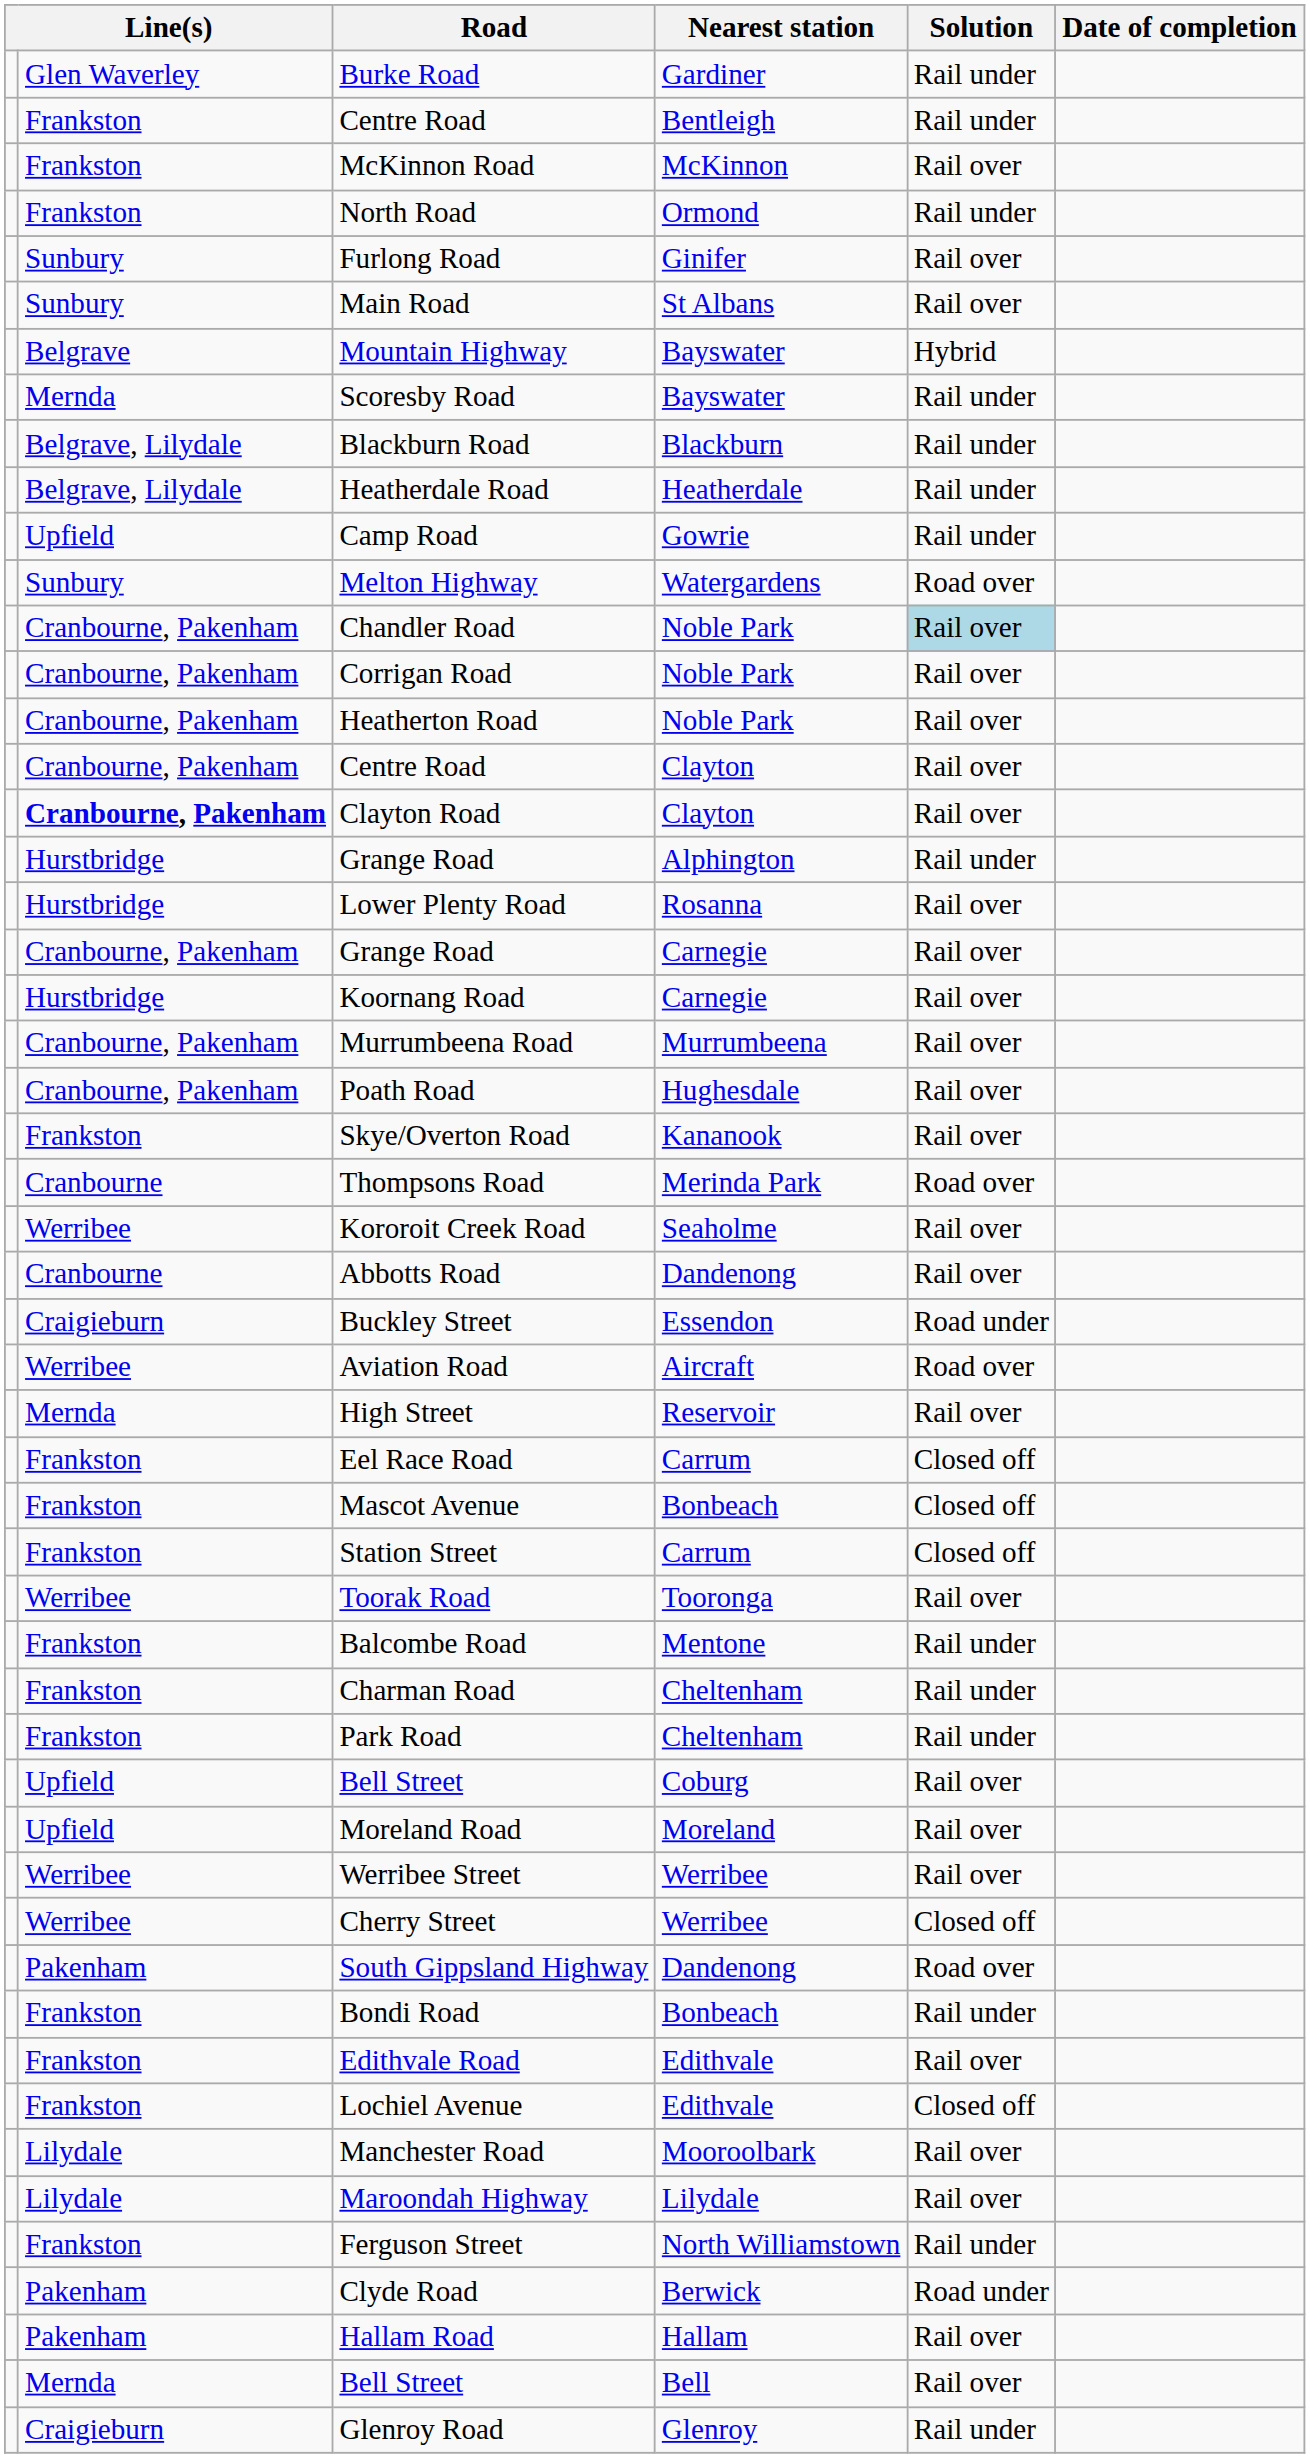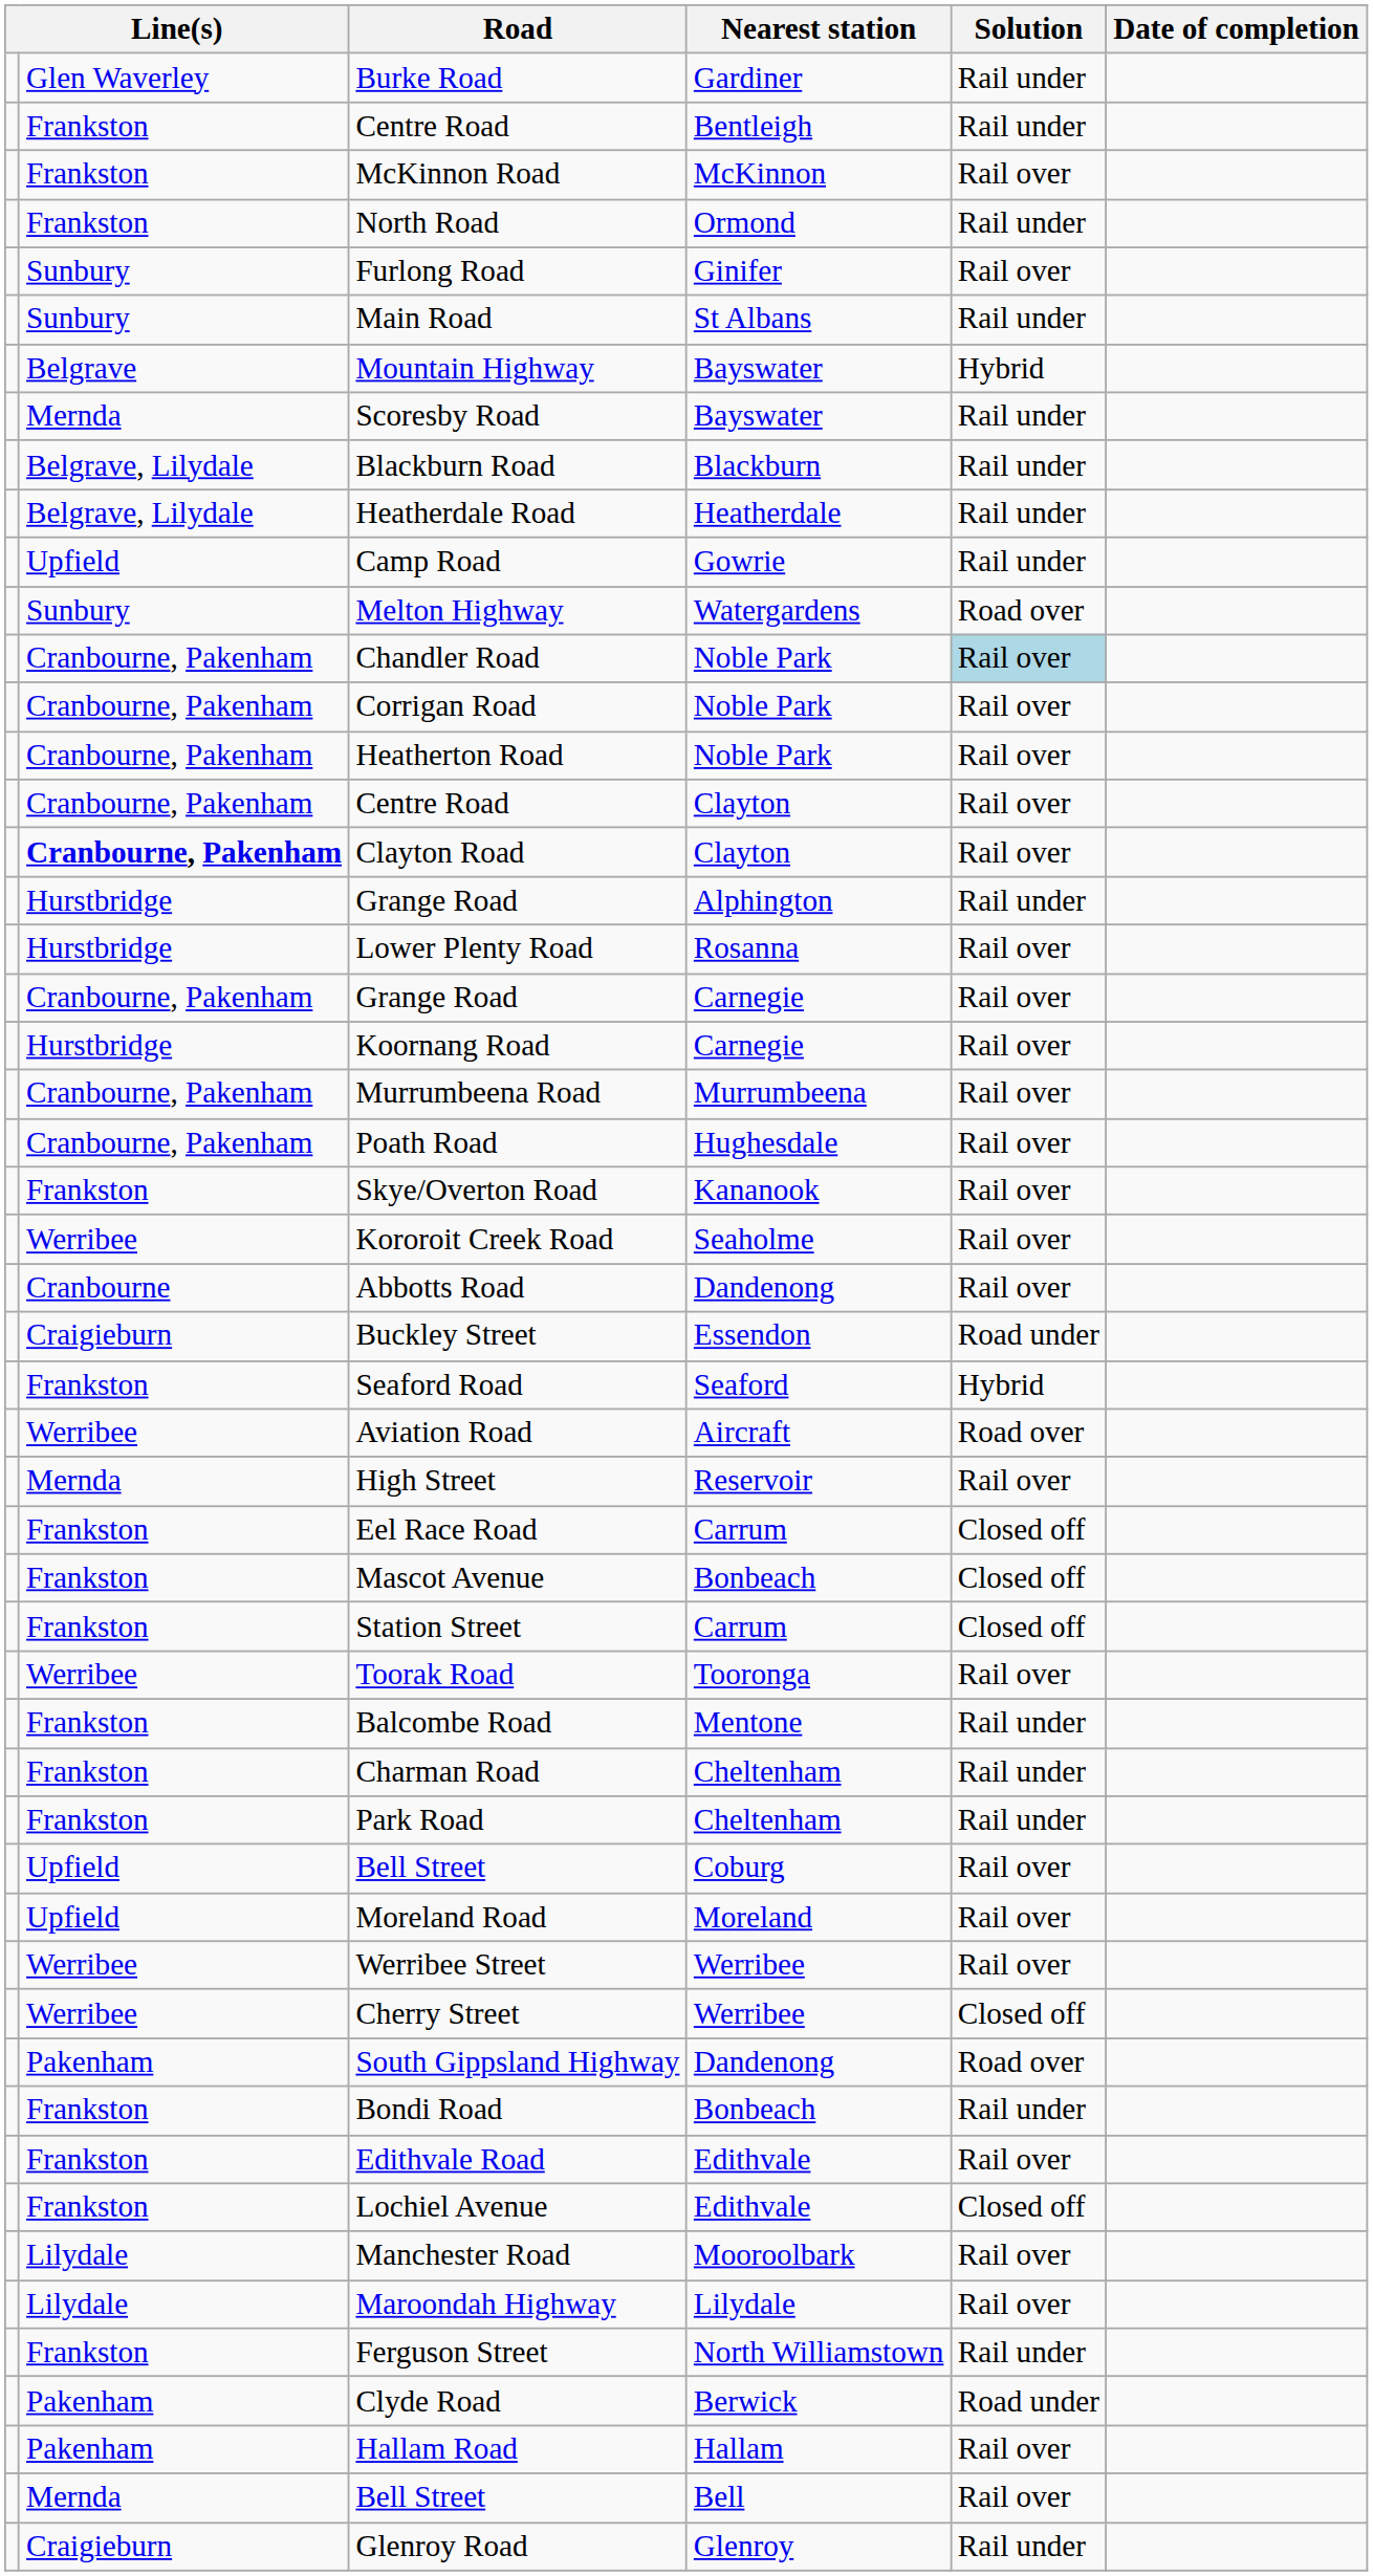 <table class="wikitable sortable">
 <tr>
 <th colspan="2">Line(s)</th>
 <th>Road</th>
 <th>Nearest station</th>
 <th>Solution</th>
 <th>Date of completion</th>
 </tr>
 <tr>
 <td style="background-color:#"></td>
 <td><a href='#'>Glen Waverley</a></td>
 <td><a href='#'>Burke Road</a></td>
 <td><a href='#'>Gardiner</a></td>
 <td>Rail under</td>
 <td></td>
 </tr>
 <tr>
 <td style="background-color:#"></td>
 <td><a href='#'>Frankston</a></td>
 <td>Centre Road</td>
 <td><a href='#'>Bentleigh</a></td>
 <td>Rail under</td>
 <td></td>
 </tr>
 <tr>
 <td style="background-color:#"></td>
 <td><a href='#'>Frankston</a></td>
 <td>McKinnon Road</td>
 <td><a href='#'>McKinnon</a></td>
 <td>Rail over</td>
 <td></td>
 </tr>
 <tr>
 <td style="background-color:#"></td>
 <td><a href='#'>Frankston</a></td>
 <td>North Road</td>
 <td><a href='#'>Ormond</a></td>
 <td>Rail under</td>
 <td></td>
 </tr>
 <tr>
 <td style="background-color:#"></td>
 <td><a href='#'>Sunbury</a></td>
 <td>Furlong Road</td>
 <td><a href='#'>Ginifer</a></td>
 <td>Rail over</td>
 <td></td>
 </tr>
 <tr>
 <td style="background-color:#"></td>
 <td><a href='#'>Sunbury</a></td>
 <td>Main Road</td>
 <td><a href='#'>St Albans</a></td>
-<td>Rail over</td>
+<td>Rail under</td>
 <td></td>
 </tr>
 <tr>
 <td style="background-color:#"></td>
 <td><a href='#'>Belgrave</a></td>
 <td><a href='#'>Mountain Highway</a></td>
 <td><a href='#'>Bayswater</a></td>
 <td>Hybrid</td>
 <td></td>
 </tr>
 <tr>
 <td style="background-color:#"></td>
 <td><a href='#'>Mernda</a></td>
 <td>Scoresby Road</td>
 <td><a href='#'>Bayswater</a></td>
 <td>Rail under</td>
 <td></td>
 </tr>
 <tr>
 <td style="background-color:#"></td>
 <td><a href='#'>Belgrave</a>, <a href='#'>Lilydale</a></td>
 <td>Blackburn Road</td>
 <td><a href='#'>Blackburn</a></td>
 <td>Rail under</td>
 <td></td>
 </tr>
 <tr>
 <td style="background-color:#"></td>
 <td><a href='#'>Belgrave</a>, <a href='#'>Lilydale</a></td>
 <td>Heatherdale Road</td>
 <td><a href='#'>Heatherdale</a></td>
 <td>Rail under</td>
 <td></td>
 </tr>
 <tr>
 <td style="background-color:#"></td>
 <td><a href='#'>Upfield</a></td>
 <td>Camp Road</td>
 <td><a href='#'>Gowrie</a></td>
 <td>Rail under</td>
 <td></td>
 </tr>
 <tr>
 <td style="background-color:#"></td>
 <td><a href='#'>Sunbury</a></td>
 <td><a href='#'>Melton Highway</a></td>
 <td><a href='#'>Watergardens</a></td>
 <td>Road over</td>
 <td></td>
 </tr>
 <tr>
 <td style="background-color:#"></td>
 <td><a href='#'>Cranbourne</a>, <a href='#'>Pakenham</a></td>
 <td>Chandler Road</td>
 <td><a href='#'>Noble Park</a></td>
 <td style="background: lightblue;">Rail over</td>
 <td></td>
 </tr>
 <tr>
 <td style="background-color:#"></td>
 <td><a href='#'>Cranbourne</a>, <a href='#'>Pakenham</a></td>
 <td>Corrigan Road</td>
 <td><a href='#'>Noble Park</a></td>
 <td>Rail over</td>
 <td></td>
 </tr>
 <tr>
 <td style="background-color:#"></td>
 <td><a href='#'>Cranbourne</a>, <a href='#'>Pakenham</a></td>
 <td>Heatherton Road</td>
 <td><a href='#'>Noble Park</a></td>
 <td>Rail over</td>
 <td></td>
 </tr>
 <tr>
 <td style="background-color:#"></td>
 <td><a href='#'>Cranbourne</a>, <a href='#'>Pakenham</a></td>
 <td>Centre Road</td>
 <td><a href='#'>Clayton</a></td>
 <td>Rail over</td>
 <td></td>
 </tr>
 <tr>
 <td style="background-color:#"></td>
 <td><strong><a href='#'>Cranbourne</a>, <a href='#'>Pakenham</a></strong></td>
 <td>Clayton Road</td>
 <td><a href='#'>Clayton</a></td>
 <td>Rail over</td>
 <td></td>
 </tr>
 <tr>
 <td style="background-color:#"></td>
 <td><a href='#'>Hurstbridge</a></td>
 <td>Grange Road</td>
 <td><a href='#'>Alphington</a></td>
 <td>Rail under</td>
 <td></td>
 </tr>
 <tr>
 <td style="background-color:#"></td>
 <td><a href='#'>Hurstbridge</a></td>
 <td>Lower Plenty Road</td>
 <td><a href='#'>Rosanna</a></td>
 <td>Rail over</td>
 <td></td>
 </tr>
 <tr>
 <td style="background-color:#"></td>
 <td><a href='#'>Cranbourne</a>, <a href='#'>Pakenham</a></td>
 <td>Grange Road</td>
 <td><a href='#'>Carnegie</a></td>
 <td>Rail over</td>
 <td></td>
 </tr>
 <tr>
 <td style="background-color:#"></td>
 <td><a href='#'>Hurstbridge</a></td>
 <td>Koornang Road</td>
 <td><a href='#'>Carnegie</a></td>
 <td>Rail over</td>
 <td></td>
 </tr>
 <tr>
 <td style="background-color:#"></td>
 <td><a href='#'>Cranbourne</a>, <a href='#'>Pakenham</a></td>
 <td>Murrumbeena Road</td>
 <td><a href='#'>Murrumbeena</a></td>
 <td>Rail over</td>
 <td></td>
 </tr>
 <tr>
 <td style="background-color:#"></td>
 <td><a href='#'>Cranbourne</a>, <a href='#'>Pakenham</a></td>
 <td>Poath Road</td>
 <td><a href='#'>Hughesdale</a></td>
 <td>Rail over</td>
 <td></td>
 </tr>
 <tr>
 <td style="background-color:#"></td>
 <td><a href='#'>Frankston</a></td>
 <td>Skye/Overton Road</td>
 <td><a href='#'>Kananook</a></td>
 <td>Rail over</td>
 <td></td>
 </tr>
 <tr>
 <td style="background-color:#"></td>
-<td><a href='#'>Cranbourne</a></td>
-<td>Thompsons Road</td>
-<td><a href='#'>Merinda Park</a></td>
-<td>Road over</td>
-<td></td>
-</tr>
-<tr>
-<td style="background-color:#"></td>
 <td><a href='#'>Werribee</a></td>
 <td>Kororoit Creek Road</td>
 <td><a href='#'>Seaholme</a></td>
 <td>Rail over</td>
 <td></td>
 </tr>
 <tr>
 <td style="background-color:#"></td>
 <td><a href='#'>Cranbourne</a></td>
 <td>Abbotts Road</td>
 <td><a href='#'>Dandenong</a></td>
 <td>Rail over</td>
 <td></td>
 </tr>
 <tr>
 <td style="background-color:#"></td>
 <td><a href='#'>Craigieburn</a></td>
 <td>Buckley Street</td>
 <td><a href='#'>Essendon</a></td>
 <td>Road under</td>
+<td></td>
+</tr>
+<tr>
+<td style="background-color:#"></td>
+<td><a href='#'>Frankston</a></td>
+<td>Seaford Road</td>
+<td><a href='#'>Seaford</a></td>
+<td>Hybrid</td>
 <td></td>
 </tr>
 <tr>
 <td style="background-color:#"></td>
 <td><a href='#'>Werribee</a></td>
 <td>Aviation Road</td>
 <td><a href='#'>Aircraft</a></td>
 <td>Road over</td>
 <td></td>
 </tr>
 <tr>
 <td style="background-color:#"></td>
 <td><a href='#'>Mernda</a></td>
 <td>High Street</td>
 <td><a href='#'>Reservoir</a></td>
 <td>Rail over</td>
 <td></td>
 </tr>
 <tr>
 <td style="background-color:#"></td>
 <td><a href='#'>Frankston</a></td>
 <td>Eel Race Road</td>
 <td><a href='#'>Carrum</a></td>
 <td>Closed off</td>
 <td></td>
 </tr>
 <tr>
 <td style="background-color:#"></td>
 <td><a href='#'>Frankston</a></td>
 <td>Mascot Avenue</td>
 <td><a href='#'>Bonbeach</a></td>
 <td>Closed off</td>
 <td></td>
 </tr>
 <tr>
 <td style="background-color:#"></td>
 <td><a href='#'>Frankston</a></td>
 <td>Station Street</td>
 <td><a href='#'>Carrum</a></td>
 <td>Closed off</td>
 <td></td>
 </tr>
 <tr>
 <td style="background-color:#"></td>
 <td><a href='#'>Werribee</a></td>
 <td><a href='#'>Toorak Road</a></td>
 <td><a href='#'>Tooronga</a></td>
 <td>Rail over</td>
 <td></td>
 </tr>
 <tr>
 <td style="background-color:#"></td>
 <td><a href='#'>Frankston</a></td>
 <td>Balcombe Road</td>
 <td><a href='#'>Mentone</a></td>
 <td>Rail under</td>
 <td></td>
 </tr>
 <tr>
 <td style="background-color:#"></td>
 <td><a href='#'>Frankston</a></td>
 <td>Charman Road</td>
 <td><a href='#'>Cheltenham</a></td>
 <td>Rail under</td>
 <td></td>
 </tr>
 <tr>
 <td style="background-color:#"></td>
 <td><a href='#'>Frankston</a></td>
 <td>Park Road</td>
 <td><a href='#'>Cheltenham</a></td>
 <td>Rail under</td>
 <td></td>
 </tr>
 <tr>
 <td style="background-color:#"></td>
 <td><a href='#'>Upfield</a></td>
 <td><a href='#'>Bell Street</a></td>
 <td><a href='#'>Coburg</a></td>
 <td>Rail over</td>
 <td></td>
 </tr>
 <tr>
 <td style="background-color:#"></td>
 <td><a href='#'>Upfield</a></td>
 <td>Moreland Road</td>
 <td><a href='#'>Moreland</a></td>
 <td>Rail over</td>
 <td></td>
 </tr>
 <tr>
 <td style="background-color:#"></td>
 <td><a href='#'>Werribee</a></td>
 <td>Werribee Street</td>
 <td><a href='#'>Werribee</a></td>
 <td>Rail over</td>
 <td></td>
 </tr>
 <tr>
 <td style="background-color:#"></td>
 <td><a href='#'>Werribee</a></td>
 <td>Cherry Street</td>
 <td><a href='#'>Werribee</a></td>
 <td>Closed off</td>
 <td></td>
 </tr>
 <tr>
 <td style="background-color:#"></td>
 <td><a href='#'>Pakenham</a></td>
 <td><a href='#'>South Gippsland Highway</a></td>
 <td><a href='#'>Dandenong</a></td>
 <td>Road over</td>
 <td></td>
 </tr>
 <tr>
 <td style="background-color:#"></td>
 <td><a href='#'>Frankston</a></td>
 <td>Bondi Road</td>
 <td><a href='#'>Bonbeach</a></td>
 <td>Rail under</td>
 <td></td>
 </tr>
 <tr>
 <td style="background-color:#"></td>
 <td><a href='#'>Frankston</a></td>
 <td><a href='#'>Edithvale Road</a></td>
 <td><a href='#'>Edithvale</a></td>
 <td>Rail over</td>
 <td></td>
 </tr>
 <tr>
 <td style="background-color:#"></td>
 <td><a href='#'>Frankston</a></td>
 <td>Lochiel Avenue</td>
 <td><a href='#'>Edithvale</a></td>
 <td>Closed off</td>
 <td></td>
 </tr>
 <tr>
 <td style="background-color:#"></td>
 <td><a href='#'>Lilydale</a></td>
 <td>Manchester Road</td>
 <td><a href='#'>Mooroolbark</a></td>
 <td>Rail over</td>
 <td></td>
 </tr>
 <tr>
 <td style="background-color:#"></td>
 <td><a href='#'>Lilydale</a></td>
 <td><a href='#'>Maroondah Highway</a></td>
 <td><a href='#'>Lilydale</a></td>
 <td>Rail over</td>
 <td></td>
 </tr>
 <tr>
 <td style="background-color:#"></td>
 <td><a href='#'>Frankston</a></td>
 <td>Ferguson Street</td>
 <td><a href='#'>North Williamstown</a></td>
 <td>Rail under</td>
 <td></td>
 </tr>
 <tr>
 <td style="background-color:#"></td>
 <td><a href='#'>Pakenham</a></td>
 <td>Clyde Road</td>
 <td><a href='#'>Berwick</a></td>
 <td>Road under</td>
 <td></td>
 </tr>
 <tr>
 <td style="background-color:#"></td>
 <td><a href='#'>Pakenham</a></td>
 <td><a href='#'>Hallam Road</a></td>
 <td><a href='#'>Hallam</a></td>
 <td>Rail over</td>
 <td></td>
 </tr>
 <tr>
 <td style="background-color:#"></td>
 <td><a href='#'>Mernda</a></td>
 <td><a href='#'>Bell Street</a></td>
 <td><a href='#'>Bell</a></td>
 <td>Rail over</td>
 <td></td>
 </tr>
 <tr>
 <td style="background-color:#"></td>
 <td><a href='#'>Craigieburn</a></td>
 <td>Glenroy Road</td>
 <td><a href='#'>Glenroy</a></td>
 <td>Rail under</td>
 <td></td>
 </tr>
 </table>
